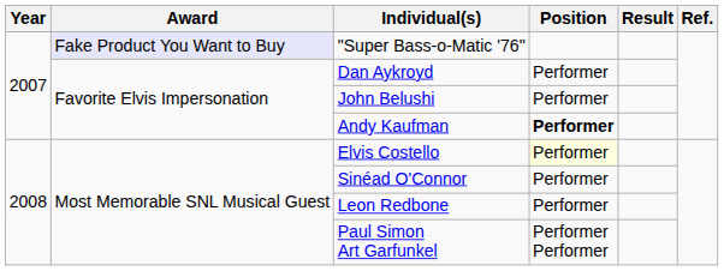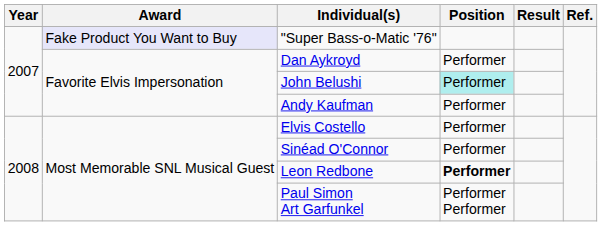 <table class="wikitable">
 <tr>
 <th>Year</th>
 <th>Award</th>
 <th>Individual(s)</th>
 <th>Position</th>
 <th>Result</th>
 <th>Ref.</th>
 </tr>
 <tr>
 <td rowspan="4">2007</td>
 <td style="background: lavender;">Fake Product You Want to Buy</td>
 <td>"Super Bass-o-Matic '76"</td>
 <td></td>
 <td></td>
 <td rowspan="4" align="center"></td>
 </tr>
 <tr>
 <td rowspan="3">Favorite Elvis Impersonation</td>
 <td><a href='#'>Dan Aykroyd</a></td>
 <td>Performer</td>
 <td></td>
 </tr>
 <tr>
 <td><a href='#'>John Belushi</a></td>
-<td>Performer</td>
+<td style="background: paleturquoise;">Performer</td>
 <td></td>
 </tr>
 <tr>
 <td><a href='#'>Andy Kaufman</a></td>
-<td><strong>Performer</strong></td>
+<td>Performer</td>
 <td></td>
 </tr>
 <tr>
 <td rowspan="4">2008</td>
 <td rowspan="4">Most Memorable SNL Musical Guest</td>
 <td><a href='#'>Elvis Costello</a></td>
-<td style="background: lightyellow;">Performer</td>
+<td>Performer</td>
 <td></td>
 <td rowspan="4" align="center"></td>
 </tr>
 <tr>
 <td><a href='#'>Sinéad O'Connor</a></td>
 <td>Performer</td>
 <td></td>
 </tr>
 <tr>
 <td><a href='#'>Leon Redbone</a></td>
-<td>Performer</td>
+<td><strong>Performer</strong></td>
 <td></td>
 </tr>
 <tr>
 <td><a href='#'>Paul Simon</a> <br> <a href='#'>Art Garfunkel</a></td>
 <td>Performer <br> Performer</td>
 <td></td>
 </tr>
 </table>
